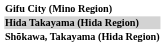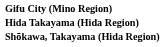 <table>
 <tr>
 <td><strong>Gifu City (Mino Region)</strong><br></td>
 </tr>
 <tr>
-<td style="background: lightgrey;"><strong>Hida Takayama (Hida Region)</strong><br></td>
+<td><strong>Hida Takayama (Hida Region)</strong><br></td>
 </tr>
 <tr>
 <td><strong>Shōkawa, Takayama (Hida Region)</strong><br></td>
 </tr>
 </table>
